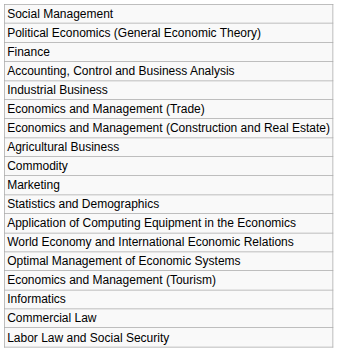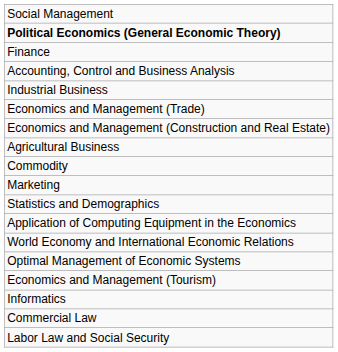 <table class="wikitable">
 <tr>
 <td>Social Management</td>
 </tr>
 <tr>
-<td>Political Economics (General Economic Theory)</td>
+<td><strong>Political Economics (General Economic Theory)</strong></td>
 </tr>
 <tr>
 <td>Finance</td>
 </tr>
 <tr>
 <td>Accounting, Control and Business Analysis</td>
 </tr>
 <tr>
 <td>Industrial Business</td>
 </tr>
 <tr>
 <td>Economics and Management (Trade)</td>
 </tr>
 <tr>
 <td>Economics and Management (Construction and Real Estate)</td>
 </tr>
 <tr>
 <td>Agricultural Business</td>
 </tr>
 <tr>
 <td>Commodity</td>
 </tr>
 <tr>
 <td>Marketing</td>
 </tr>
 <tr>
 <td>Statistics and Demographics</td>
 </tr>
 <tr>
 <td>Application of Computing Equipment in the Economics</td>
 </tr>
 <tr>
 <td>World Economy and International Economic Relations</td>
 </tr>
 <tr>
 <td>Optimal Management of Economic Systems</td>
 </tr>
 <tr>
 <td>Economics and Management (Tourism)</td>
 </tr>
 <tr>
 <td>Informatics</td>
 </tr>
 <tr>
 <td>Commercial Law</td>
 </tr>
 <tr>
 <td>Labor Law and Social Security</td>
 </tr>
 </table>
